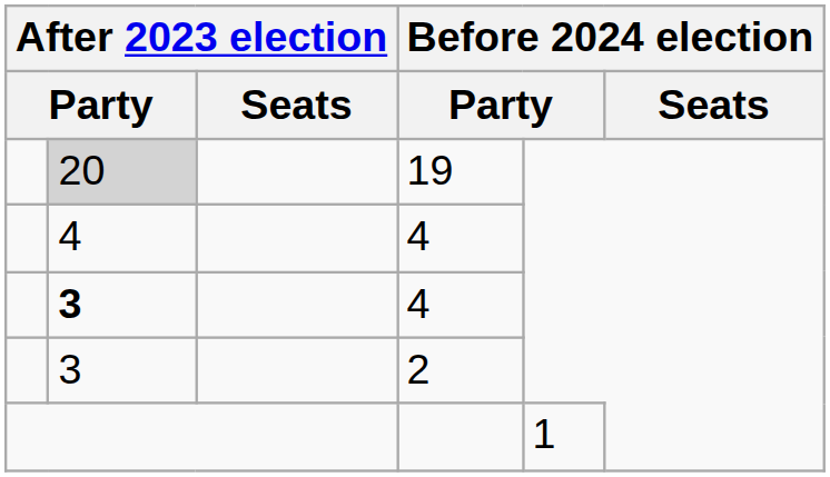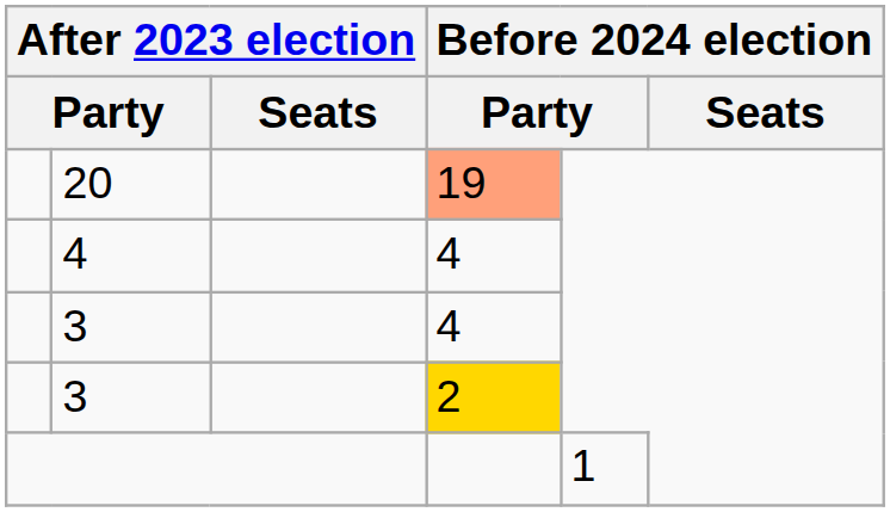 <table class="wikitable">
 <tr>
 <th colspan="3">After <a href='#'>2023 election</a></th>
 <th colspan="3">Before 2024 election</th>
 </tr>
 <tr>
 <th colspan="2">Party</th>
 <th>Seats</th>
 <th colspan="2">Party</th>
 <th>Seats</th>
 </tr>
 <tr>
 <td></td>
-<td style="background: lightgrey;">20</td>
+<td>20</td>
 <td></td>
-<td>19</td>
+<td style="background: lightsalmon;">19</td>
 </tr>
 <tr>
 <td></td>
 <td>4</td>
 <td></td>
 <td>4</td>
 </tr>
 <tr>
 <td></td>
-<td><strong>3</strong></td>
+<td>3</td>
 <td></td>
 <td>4</td>
 </tr>
 <tr>
 <td></td>
 <td>3</td>
 <td></td>
-<td>2</td>
+<td style="background: gold;">2</td>
 </tr>
 <tr>
 <td colspan="3"></td>
 <td></td>
 <td>1</td>
 </tr>
 </table>
